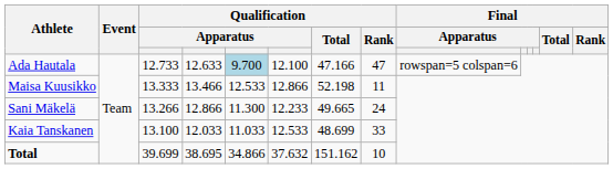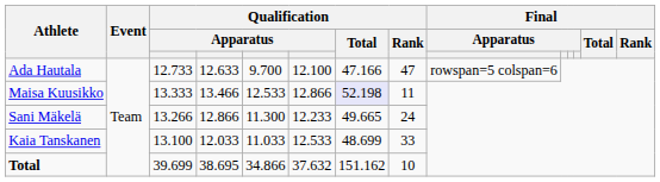 <table class="wikitable" style="font-size:90%">
 <tr>
 <th rowspan=3>Athlete</th>
 <th rowspan=3>Event</th>
 <th colspan=6>Qualification</th>
 <th colspan=6>Final</th>
 </tr>
 <tr style="font-size:95%">
 <th colspan=4>Apparatus</th>
 <th rowspan=2>Total</th>
 <th rowspan=2>Rank</th>
 <th colspan=4>Apparatus</th>
 <th rowspan=2>Total</th>
 <th rowspan=2>Rank</th>
 </tr>
 <tr style="font-size:95%">
 <th></th>
 <th></th>
 <th></th>
 <th></th>
 <th></th>
 <th></th>
 <th></th>
 <th></th>
 </tr>
 <tr align=center>
 <td align=left><a href='#'>Ada Hautala</a></td>
 <td align=left rowspan=5>Team</td>
 <td>12.733</td>
 <td>12.633</td>
-<td style="background: lightblue;">9.700</td>
+<td>9.700</td>
 <td>12.100</td>
 <td>47.166</td>
 <td>47</td>
 <td>rowspan=5 colspan=6</td>
 </tr>
 <tr align=center>
 <td align=left><a href='#'>Maisa Kuusikko</a></td>
 <td>13.333</td>
 <td>13.466</td>
 <td>12.533</td>
 <td>12.866</td>
-<td>52.198</td>
+<td style="background: lavender;">52.198</td>
 <td>11</td>
 </tr>
 <tr align=center>
 <td align=left><a href='#'>Sani Mäkelä</a></td>
 <td>13.266</td>
 <td>12.866</td>
 <td>11.300</td>
 <td>12.233</td>
 <td>49.665</td>
 <td>24</td>
 </tr>
 <tr align=center>
 <td align=left><a href='#'>Kaia Tanskanen</a></td>
 <td>13.100</td>
 <td>12.033</td>
 <td>11.033</td>
 <td>12.533</td>
 <td>48.699</td>
 <td>33</td>
 </tr>
 <tr align=center>
 <td align=left><strong>Total</strong></td>
 <td>39.699</td>
 <td>38.695</td>
 <td>34.866</td>
 <td>37.632</td>
 <td>151.162</td>
 <td>10</td>
 </tr>
 </table>
